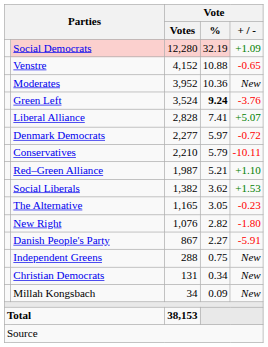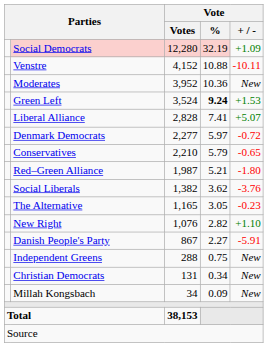 <table class="wikitable" style="text-align:right;">
 <tr>
 <th style="text-align:centre;" rowspan="2" colspan="2" width="225">Parties</th>
 <th colspan="3">Vote</th>
 </tr>
 <tr>
 <th width="15">Votes</th>
 <th width="15">%</th>
 <th width="15">+ / -</th>
 </tr>
 <tr>
 <td width="2" style="color:inherit;background:"></td>
 <td bgcolor=#fbd0ce  align="left"><a href='#'>Social Democrats</a></td>
 <td bgcolor=#fbd0ce>12,280</td>
 <td bgcolor=#fbd0ce>32.19</td>
 <td style=color:green;>+1.09</td>
 </tr>
 <tr>
 <td width="2" style="color:inherit;background:"></td>
 <td align="left"><a href='#'>Venstre</a></td>
 <td>4,152</td>
 <td>10.88</td>
-<td style=color:red;>-0.65</td>
+<td style=color:red;>-10.11</td>
 </tr>
 <tr>
 <td width="2" style="color:inherit;background:"></td>
 <td align="left"><a href='#'>Moderates</a></td>
 <td>3,952</td>
 <td>10.36</td>
 <td><em>New</em></td>
 </tr>
 <tr>
 <td width="2" style="color:inherit;background:"></td>
 <td align="left"><a href='#'>Green Left</a></td>
 <td>3,524</td>
 <td><strong>9.24</strong></td>
-<td style=color:red;>-3.76</td>
+<td style=color:green;>+1.53</td>
 </tr>
 <tr>
 <td width="2" style="color:inherit;background:"></td>
 <td align="left"><a href='#'>Liberal Alliance</a></td>
 <td>2,828</td>
 <td>7.41</td>
 <td style=color:green;>+5.07</td>
 </tr>
 <tr>
 <td width="2" style="color:inherit;background:"></td>
 <td align="left"><a href='#'>Denmark Democrats</a></td>
 <td>2,277</td>
 <td>5.97</td>
 <td style=color:red;>-0.72</td>
 </tr>
 <tr>
 <td width="2" style="color:inherit;background:"></td>
 <td align="left"><a href='#'>Conservatives</a></td>
 <td>2,210</td>
 <td>5.79</td>
-<td style=color:red;>-10.11</td>
+<td style=color:red;>-0.65</td>
 </tr>
 <tr>
 <td width="2" style="color:inherit;background:"></td>
 <td align="left"><a href='#'>Red–Green Alliance</a></td>
 <td>1,987</td>
 <td>5.21</td>
-<td style=color:green;>+1.10</td>
+<td style=color:red;>-1.80</td>
 </tr>
 <tr>
 <td width="2" style="color:inherit;background:"></td>
 <td align="left"><a href='#'>Social Liberals</a></td>
 <td>1,382</td>
 <td>3.62</td>
-<td style=color:green;>+1.53</td>
+<td style=color:red;>-3.76</td>
 </tr>
 <tr>
 <td width="2" style="color:inherit;background:"></td>
 <td align="left"><a href='#'>The Alternative</a></td>
 <td>1,165</td>
 <td>3.05</td>
 <td style=color:red;>-0.23</td>
 </tr>
 <tr>
 <td width="2" style="color:inherit;background:"></td>
 <td align="left"><a href='#'>New Right</a></td>
 <td>1,076</td>
 <td>2.82</td>
-<td style=color:red;>-1.80</td>
+<td style=color:green;>+1.10</td>
 </tr>
 <tr>
 <td width="2" style="color:inherit;background:"></td>
 <td align="left"><a href='#'>Danish People's Party</a></td>
 <td>867</td>
 <td>2.27</td>
 <td style=color:red;>-5.91</td>
 </tr>
 <tr>
 <td width="2" style="color:inherit;background:"></td>
 <td align="left"><a href='#'>Independent Greens</a></td>
 <td>288</td>
 <td>0.75</td>
 <td><em>New</em></td>
 </tr>
 <tr>
 <td width="2" style="color:inherit;background:"></td>
 <td align="left"><a href='#'>Christian Democrats</a></td>
 <td>131</td>
 <td>0.34</td>
 <td><em>New</em></td>
 </tr>
 <tr>
 <td width="2" style="color:inherit;background:"></td>
 <td align="left">Millah Kongsbach</td>
 <td>34</td>
 <td>0.09</td>
 <td><em>New</em></td>
 </tr>
 <tr>
 <td colspan="7" bgcolor="#E9E9E9"></td>
 </tr>
 <tr>
 <td align="left" colspan="2"><strong>Total</strong></td>
 <td><strong>38,153</strong></td>
 <td bgcolor="#E9E9E9" colspan="2"></td>
 </tr>
 <tr>
 <td align="left" colspan="6">Source</td>
 </tr>
 </table>
